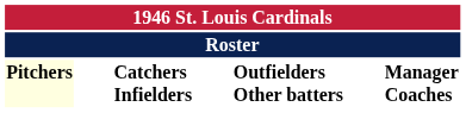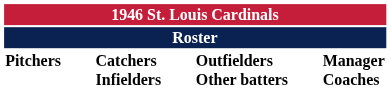 <table class="toccolours" style="font-size: 95%;">
 <tr>
 <th colspan="10" style="background-color: #c41e3a; color: white; text-align: center;">1946 St. Louis Cardinals</th>
 </tr>
 <tr>
 <td colspan="10" style="background-color: #0a2252; color: white; text-align: center;"><strong>Roster</strong></td>
 </tr>
 <tr>
-<td valign="top" style="background: lightyellow;"><strong>Pitchers</strong><br>              </td>
+<td valign="top"><strong>Pitchers</strong><br>              </td>
 <td width="25px"></td>
 <td valign="top"><strong>Catchers</strong><br>     <strong>Infielders</strong>        </td>
 <td width="25px"></td>
 <td valign="top"><strong>Outfielders</strong><br>      <strong>Other batters</strong>   </td>
 <td width="25px"></td>
 <td valign="top"><strong>Manager</strong><br> <strong>Coaches</strong>  </td>
 </tr>
 </table>
